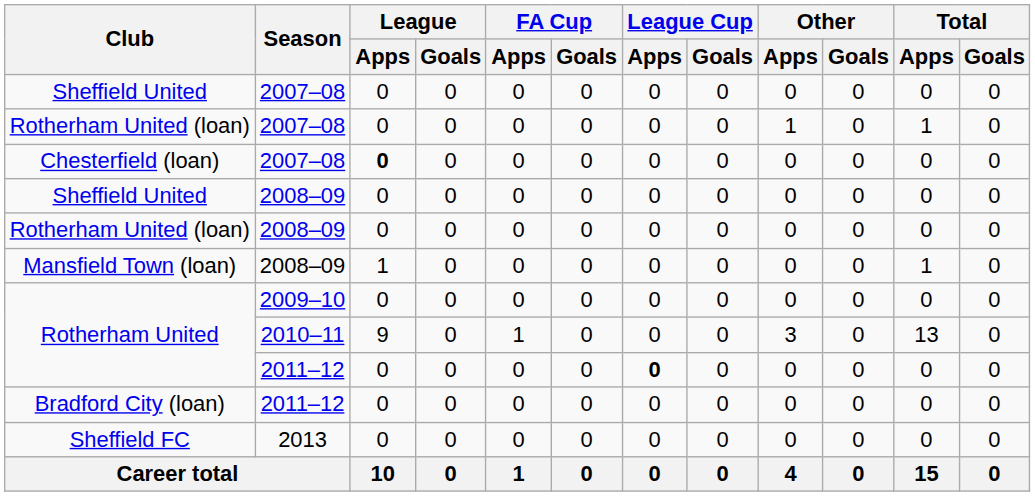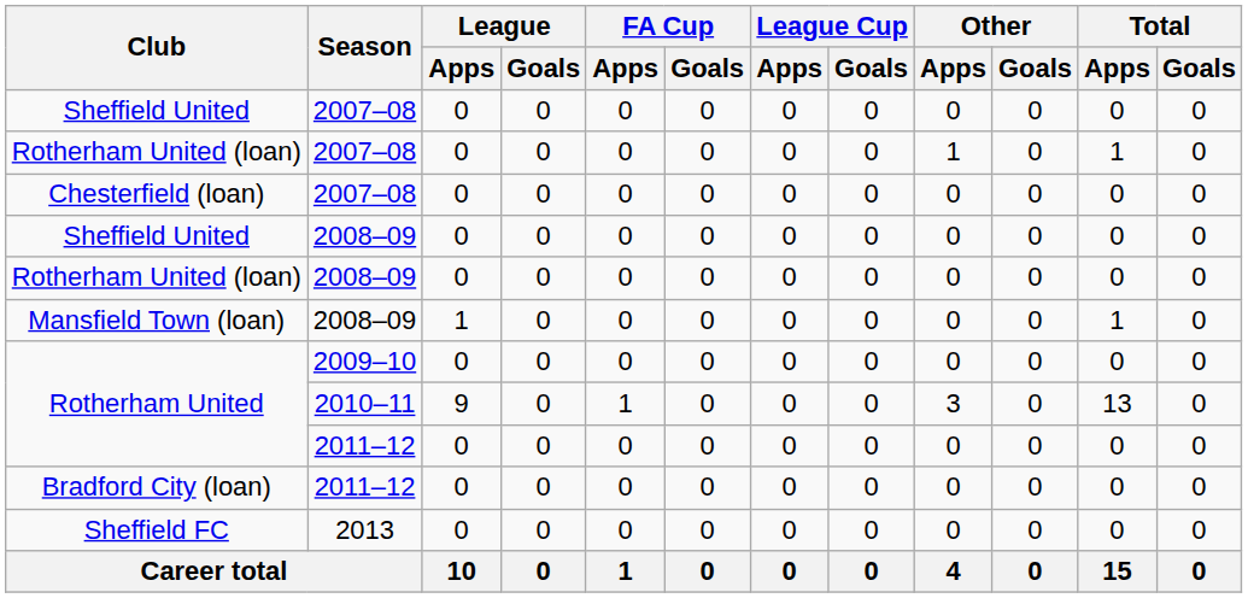 <table class="wikitable" style="text-align: center;">
 <tr>
 <th rowspan="2">Club</th>
 <th rowspan="2">Season</th>
 <th colspan="2">League</th>
 <th colspan="2"><a href='#'>FA Cup</a></th>
 <th colspan="2"><a href='#'>League Cup</a></th>
 <th colspan="2">Other</th>
 <th colspan="2">Total</th>
 </tr>
 <tr>
 <th>Apps</th>
 <th>Goals</th>
 <th>Apps</th>
 <th>Goals</th>
 <th>Apps</th>
 <th>Goals</th>
 <th>Apps</th>
 <th>Goals</th>
 <th>Apps</th>
 <th>Goals</th>
 </tr>
 <tr>
 <td valign="center"><a href='#'>Sheffield United</a></td>
 <td><a href='#'>2007–08</a></td>
 <td>0</td>
 <td>0</td>
 <td>0</td>
 <td>0</td>
 <td>0</td>
 <td>0</td>
 <td>0</td>
 <td>0</td>
 <td>0</td>
 <td>0</td>
 </tr>
 <tr>
 <td valign="center"><a href='#'>Rotherham United</a> (loan)</td>
 <td><a href='#'>2007–08</a></td>
 <td>0</td>
 <td>0</td>
 <td>0</td>
 <td>0</td>
 <td>0</td>
 <td>0</td>
 <td>1</td>
 <td>0</td>
 <td>1</td>
 <td>0</td>
 </tr>
 <tr>
 <td valign="center"><a href='#'>Chesterfield</a> (loan)</td>
 <td><a href='#'>2007–08</a></td>
-<td><strong>0</strong></td>
+<td>0</td>
 <td>0</td>
 <td>0</td>
 <td>0</td>
 <td>0</td>
 <td>0</td>
 <td>0</td>
 <td>0</td>
 <td>0</td>
 <td>0</td>
 </tr>
 <tr>
 <td valign="center"><a href='#'>Sheffield United</a></td>
 <td><a href='#'>2008–09</a></td>
 <td>0</td>
 <td>0</td>
 <td>0</td>
 <td>0</td>
 <td>0</td>
 <td>0</td>
 <td>0</td>
 <td>0</td>
 <td>0</td>
 <td>0</td>
 </tr>
 <tr>
 <td valign="center"><a href='#'>Rotherham United</a> (loan)</td>
 <td><a href='#'>2008–09</a></td>
 <td>0</td>
 <td>0</td>
 <td>0</td>
 <td>0</td>
 <td>0</td>
 <td>0</td>
 <td>0</td>
 <td>0</td>
 <td>0</td>
 <td>0</td>
 </tr>
 <tr>
 <td valign="center"><a href='#'>Mansfield Town</a> (loan)</td>
 <td>2008–09</td>
 <td>1</td>
 <td>0</td>
 <td>0</td>
 <td>0</td>
 <td>0</td>
 <td>0</td>
 <td>0</td>
 <td>0</td>
 <td>1</td>
 <td>0</td>
 </tr>
 <tr>
 <td rowspan="3" valign="center"><a href='#'>Rotherham United</a></td>
 <td><a href='#'>2009–10</a></td>
 <td>0</td>
 <td>0</td>
 <td>0</td>
 <td>0</td>
 <td>0</td>
 <td>0</td>
 <td>0</td>
 <td>0</td>
 <td>0</td>
 <td>0</td>
 </tr>
 <tr>
 <td><a href='#'>2010–11</a></td>
 <td>9</td>
 <td>0</td>
 <td>1</td>
 <td>0</td>
 <td>0</td>
 <td>0</td>
 <td>3</td>
 <td>0</td>
 <td>13</td>
 <td>0</td>
 </tr>
 <tr>
 <td><a href='#'>2011–12</a></td>
 <td>0</td>
 <td>0</td>
 <td>0</td>
 <td>0</td>
-<td><strong>0</strong></td>
+<td>0</td>
 <td>0</td>
 <td>0</td>
 <td>0</td>
 <td>0</td>
 <td>0</td>
 </tr>
 <tr>
 <td valign="center"><a href='#'>Bradford City</a> (loan)</td>
 <td><a href='#'>2011–12</a></td>
 <td>0</td>
 <td>0</td>
 <td>0</td>
 <td>0</td>
 <td>0</td>
 <td>0</td>
 <td>0</td>
 <td>0</td>
 <td>0</td>
 <td>0</td>
 </tr>
 <tr>
 <td valign="center"><a href='#'>Sheffield FC</a></td>
 <td>2013</td>
 <td>0</td>
 <td>0</td>
 <td>0</td>
 <td>0</td>
 <td>0</td>
 <td>0</td>
 <td>0</td>
 <td>0</td>
 <td>0</td>
 <td>0</td>
 </tr>
 <tr>
 <th colspan="2">Career total</th>
 <th>10</th>
 <th>0</th>
 <th>1</th>
 <th>0</th>
 <th>0</th>
 <th>0</th>
 <th>4</th>
 <th>0</th>
 <th>15</th>
 <th>0</th>
 </tr>
 </table>
